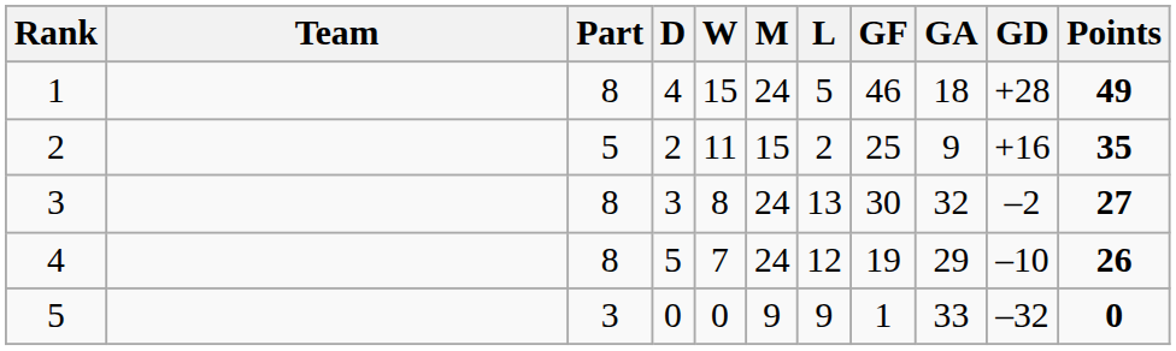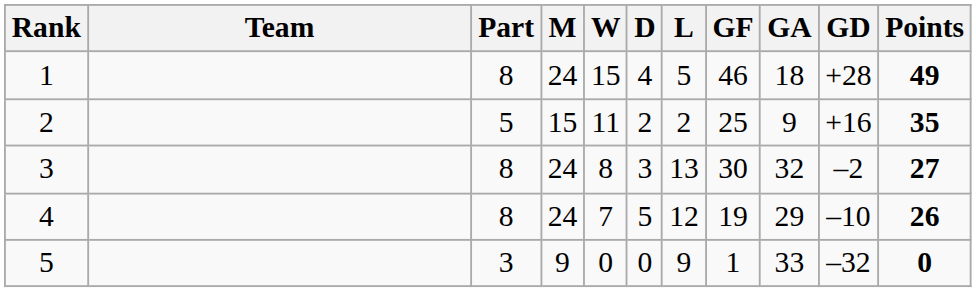 <table class="wikitable sortable" style="text-align:center">
 <tr>
 <th>Rank</th>
 <th width=200>Team</th>
 <th>Part</th>
+<th>M</th>
+<th>W</th>
 <th>D</th>
-<th>W</th>
-<th>M</th>
 <th>L</th>
 <th>GF</th>
 <th>GA</th>
 <th>GD</th>
 <th>Points</th>
 </tr>
 <tr>
 <td>1</td>
 <td align=left></td>
 <td>8</td>
+<td>24</td>
+<td>15</td>
 <td>4</td>
-<td>15</td>
-<td>24</td>
 <td>5</td>
 <td>46</td>
 <td>18</td>
 <td>+28</td>
 <td><strong>49</strong></td>
 </tr>
 <tr>
 <td>2</td>
 <td align=left></td>
 <td>5</td>
+<td>15</td>
+<td>11</td>
 <td>2</td>
-<td>11</td>
-<td>15</td>
 <td>2</td>
 <td>25</td>
 <td>9</td>
 <td>+16</td>
 <td><strong>35</strong></td>
 </tr>
 <tr>
 <td>3</td>
 <td align=left></td>
 <td>8</td>
+<td>24</td>
+<td>8</td>
 <td>3</td>
-<td>8</td>
-<td>24</td>
 <td>13</td>
 <td>30</td>
 <td>32</td>
 <td>–2</td>
 <td><strong>27</strong></td>
 </tr>
 <tr>
 <td>4</td>
 <td align=left></td>
 <td>8</td>
+<td>24</td>
+<td>7</td>
 <td>5</td>
-<td>7</td>
-<td>24</td>
 <td>12</td>
 <td>19</td>
 <td>29</td>
 <td>–10</td>
 <td><strong>26</strong></td>
 </tr>
 <tr>
 <td>5</td>
 <td align=left></td>
 <td>3</td>
+<td>9</td>
 <td>0</td>
 <td>0</td>
-<td>9</td>
 <td>9</td>
 <td>1</td>
 <td>33</td>
 <td>–32</td>
 <td><strong>0</strong></td>
 </tr>
 </table>
